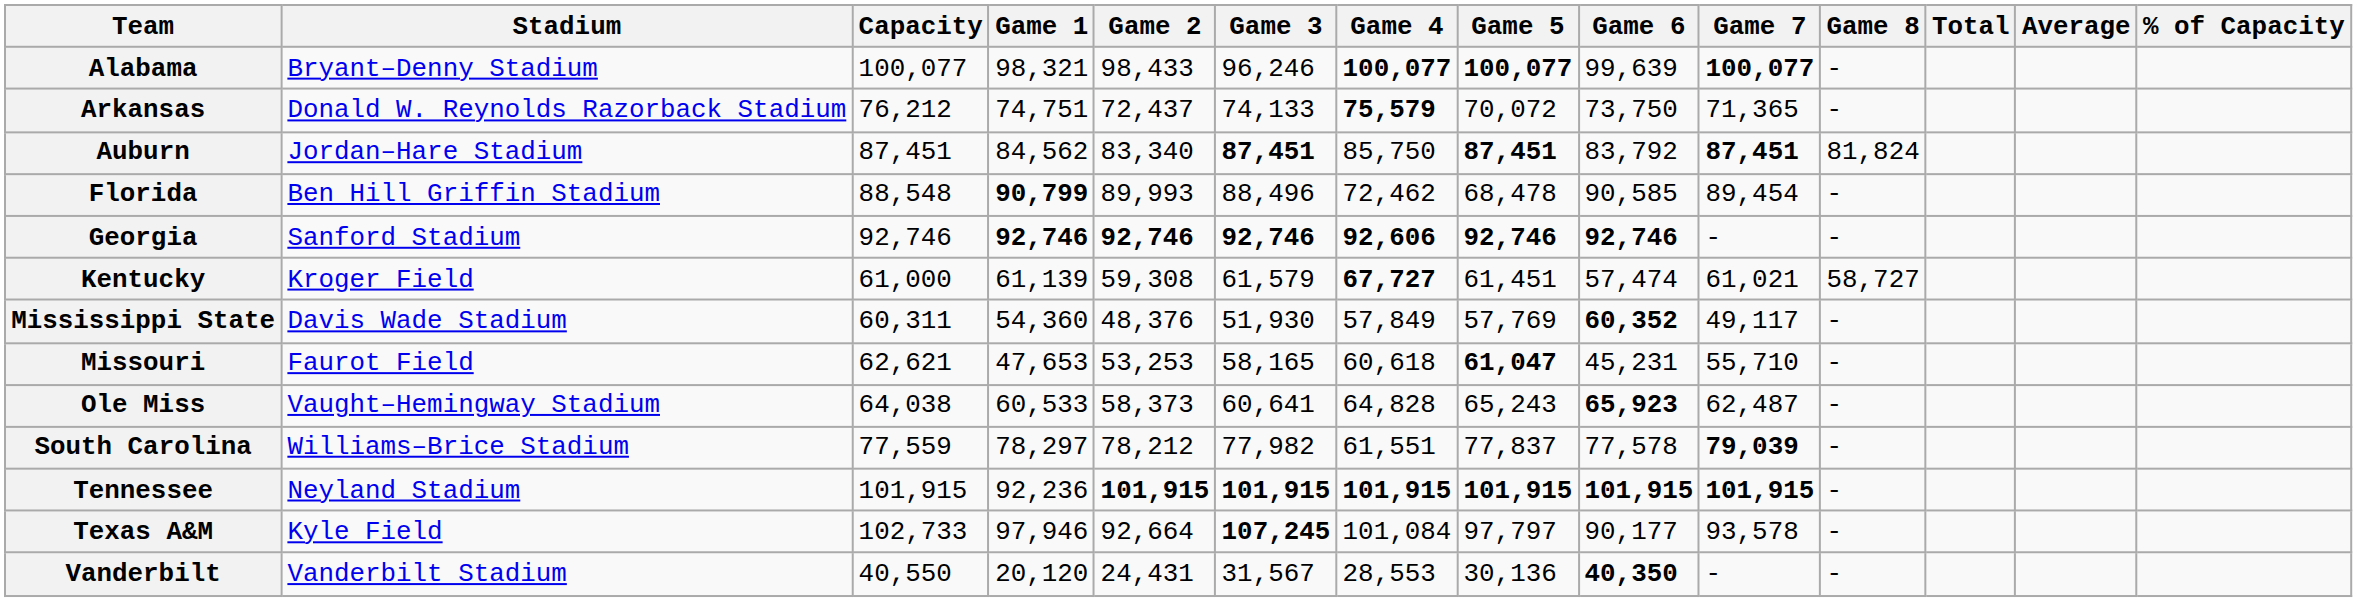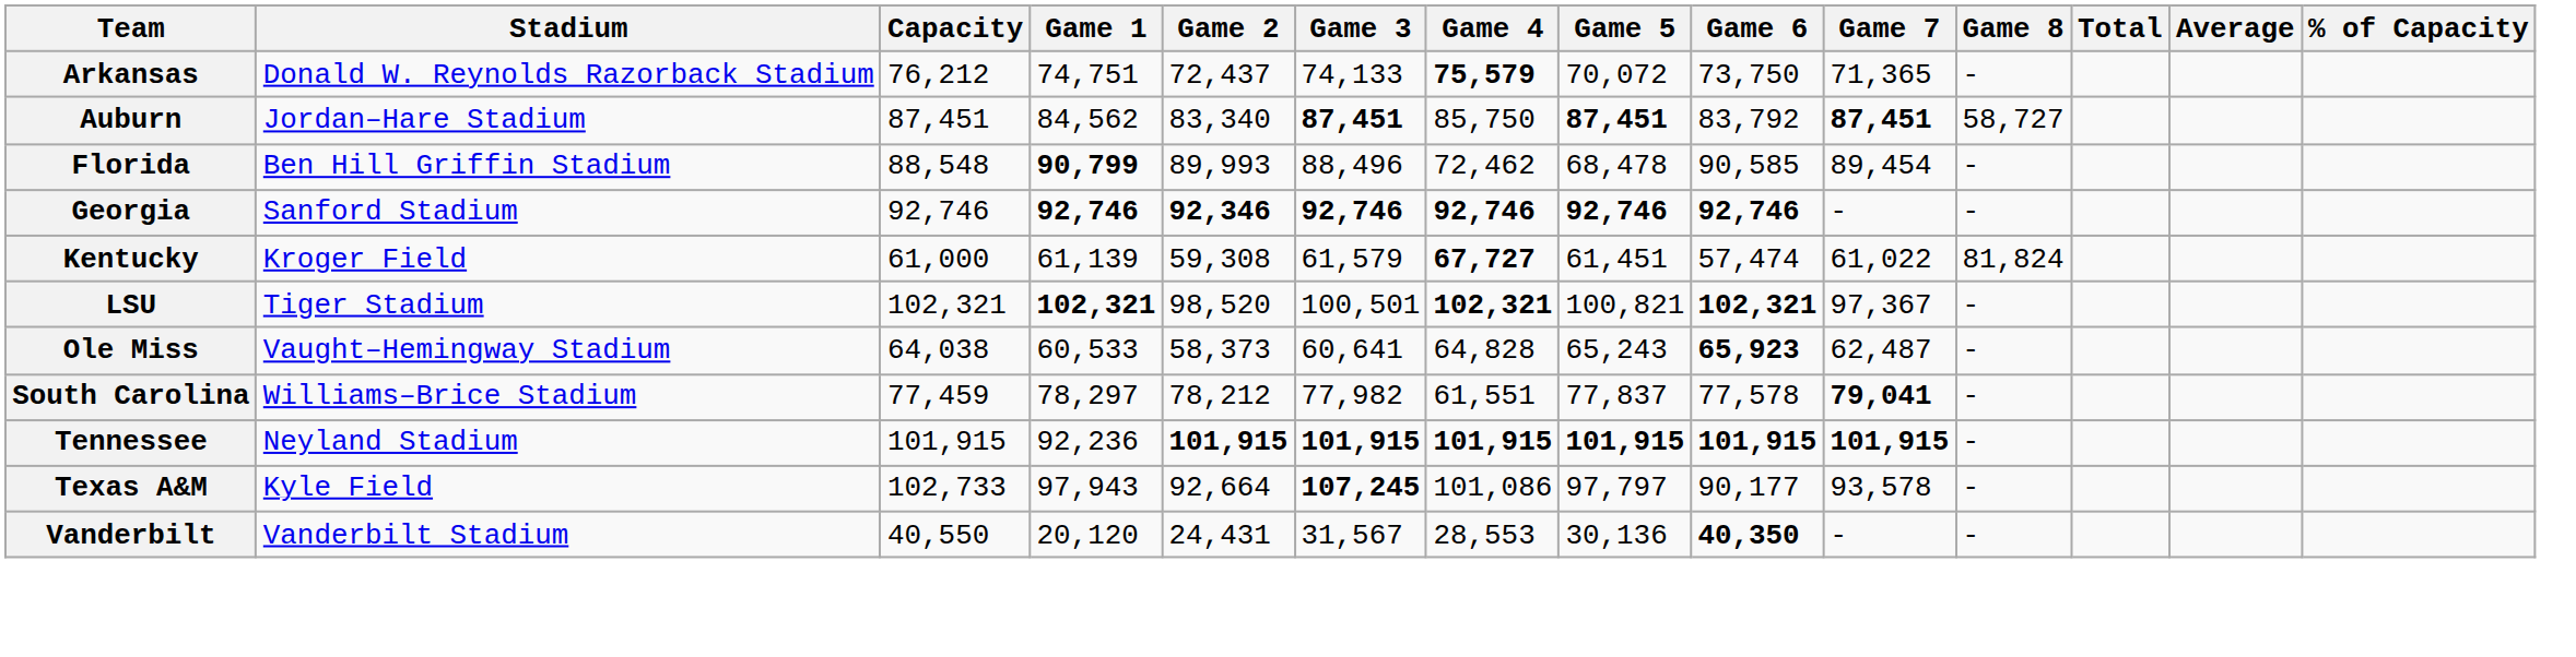 <table class="wikitable sortable">
 <tr>
 <th>Team</th>
 <th>Stadium</th>
 <th>Capacity</th>
 <th>Game 1</th>
 <th>Game 2</th>
 <th>Game 3</th>
 <th>Game 4</th>
 <th>Game 5</th>
 <th>Game 6</th>
 <th>Game 7</th>
 <th>Game 8</th>
 <th>Total</th>
 <th>Average</th>
 <th>% of Capacity</th>
-</tr>
-<tr>
-<th>Alabama</th>
-<td><a href='#'>Bryant–Denny Stadium</a></td>
-<td>100,077</td>
-<td>98,321</td>
-<td>98,433</td>
-<td>96,246</td>
-<td><strong>100,077</strong></td>
-<td><strong>100,077</strong></td>
-<td>99,639</td>
-<td><strong>100,077</strong></td>
-<td>-</td>
-<td></td>
-<td></td>
-<td></td>
 </tr>
 <tr>
 <th>Arkansas</th>
 <td><a href='#'>Donald W. Reynolds Razorback Stadium</a></td>
 <td>76,212</td>
 <td>74,751</td>
 <td>72,437</td>
 <td>74,133</td>
 <td><strong>75,579</strong></td>
 <td>70,072</td>
 <td>73,750</td>
 <td>71,365</td>
 <td>-</td>
 <td></td>
 <td></td>
 <td></td>
 </tr>
 <tr>
 <th>Auburn</th>
 <td><a href='#'>Jordan–Hare Stadium</a></td>
 <td>87,451</td>
 <td>84,562</td>
 <td>83,340</td>
 <td><strong>87,451</strong></td>
 <td>85,750</td>
 <td><strong>87,451</strong></td>
 <td>83,792</td>
 <td><strong>87,451</strong></td>
-<td>81,824</td>
+<td>58,727</td>
 <td></td>
 <td></td>
 <td></td>
 </tr>
 <tr>
 <th>Florida</th>
 <td><a href='#'>Ben Hill Griffin Stadium</a></td>
 <td>88,548</td>
 <td><strong>90,799</strong></td>
 <td>89,993</td>
 <td>88,496</td>
 <td>72,462</td>
 <td>68,478</td>
 <td>90,585</td>
 <td>89,454</td>
 <td>-</td>
 <td></td>
 <td></td>
 <td></td>
 </tr>
 <tr>
 <th>Georgia</th>
 <td><a href='#'>Sanford Stadium</a></td>
 <td>92,746</td>
 <td><strong>92,746</strong></td>
+<td><strong>92,346</strong></td>
 <td><strong>92,746</strong></td>
 <td><strong>92,746</strong></td>
-<td><strong>92,606</strong></td>
 <td><strong>92,746</strong></td>
 <td><strong>92,746</strong></td>
 <td>-</td>
 <td>-</td>
 <td></td>
 <td></td>
 <td></td>
 </tr>
 <tr>
 <th>Kentucky</th>
 <td><a href='#'>Kroger Field</a></td>
 <td>61,000</td>
 <td>61,139</td>
 <td>59,308</td>
 <td>61,579</td>
 <td><strong>67,727</strong></td>
 <td>61,451</td>
 <td>57,474</td>
-<td>61,021</td>
-<td>58,727</td>
+<td>61,022</td>
+<td>81,824</td>
 <td></td>
 <td></td>
 <td></td>
 </tr>
 <tr>
-<th>Mississippi State</th>
-<td><a href='#'>Davis Wade Stadium</a></td>
-<td>60,311</td>
-<td>54,360</td>
-<td>48,376</td>
-<td>51,930</td>
-<td>57,849</td>
-<td>57,769</td>
-<td><strong>60,352</strong></td>
-<td>49,117</td>
-<td>-</td>
-<td></td>
-<td></td>
-<td></td>
-</tr>
-<tr>
-<th>Missouri</th>
-<td><a href='#'>Faurot Field</a></td>
-<td>62,621</td>
-<td>47,653</td>
-<td>53,253</td>
-<td>58,165</td>
-<td>60,618</td>
-<td><strong>61,047</strong></td>
-<td>45,231</td>
-<td>55,710</td>
+<th>LSU</th>
+<td><a href='#'>Tiger Stadium</a></td>
+<td>102,321</td>
+<td><strong>102,321</strong></td>
+<td>98,520</td>
+<td>100,501</td>
+<td><strong>102,321</strong></td>
+<td>100,821</td>
+<td><strong>102,321</strong></td>
+<td>97,367</td>
 <td>-</td>
 <td></td>
 <td></td>
 <td></td>
 </tr>
 <tr>
 <th>Ole Miss</th>
 <td><a href='#'>Vaught–Hemingway Stadium</a></td>
 <td>64,038</td>
 <td>60,533</td>
 <td>58,373</td>
 <td>60,641</td>
 <td>64,828</td>
 <td>65,243</td>
 <td><strong>65,923</strong></td>
 <td>62,487</td>
 <td>-</td>
 <td></td>
 <td></td>
 <td></td>
 </tr>
 <tr>
 <th>South Carolina</th>
 <td><a href='#'>Williams–Brice Stadium</a></td>
-<td>77,559</td>
+<td>77,459</td>
 <td>78,297</td>
 <td>78,212</td>
 <td>77,982</td>
 <td>61,551</td>
 <td>77,837</td>
 <td>77,578</td>
-<td><strong>79,039</strong></td>
+<td><strong>79,041</strong></td>
 <td>-</td>
 <td></td>
 <td></td>
 <td></td>
 </tr>
 <tr>
 <th>Tennessee</th>
 <td><a href='#'>Neyland Stadium</a></td>
 <td>101,915</td>
 <td>92,236</td>
 <td><strong>101,915</strong></td>
 <td><strong>101,915</strong></td>
 <td><strong>101,915</strong></td>
 <td><strong>101,915</strong></td>
 <td><strong>101,915</strong></td>
 <td><strong>101,915</strong></td>
 <td>-</td>
 <td></td>
 <td></td>
 <td></td>
 </tr>
 <tr>
 <th>Texas A&M</th>
 <td><a href='#'>Kyle Field</a></td>
 <td>102,733</td>
-<td>97,946</td>
+<td>97,943</td>
 <td>92,664</td>
 <td><strong>107,245</strong></td>
-<td>101,084</td>
+<td>101,086</td>
 <td>97,797</td>
 <td>90,177</td>
 <td>93,578</td>
 <td>-</td>
 <td></td>
 <td></td>
 <td></td>
 </tr>
 <tr>
 <th>Vanderbilt</th>
 <td><a href='#'>Vanderbilt Stadium</a></td>
 <td>40,550</td>
 <td>20,120</td>
 <td>24,431</td>
 <td>31,567</td>
 <td>28,553</td>
 <td>30,136</td>
 <td><strong>40,350</strong></td>
 <td>-</td>
 <td>-</td>
 <td></td>
 <td></td>
 <td></td>
 </tr>
 </table>
